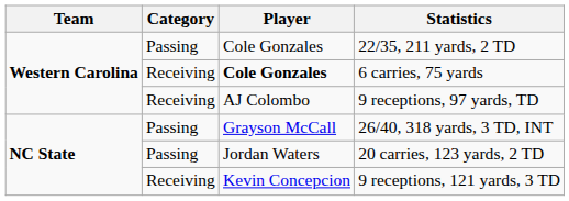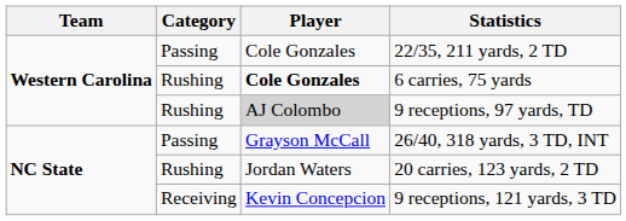 <table class="wikitable" style="float: right;">
 <tr>
 <th>Team</th>
 <th>Category</th>
 <th>Player</th>
 <th>Statistics</th>
 </tr>
 <tr>
 <td rowspan=3><strong>Western Carolina</strong></td>
 <td>Passing</td>
 <td>Cole Gonzales</td>
 <td>22/35, 211 yards, 2 TD</td>
 </tr>
 <tr>
-<td>Receiving</td>
+<td>Rushing</td>
 <td><strong>Cole Gonzales</strong></td>
 <td>6 carries, 75 yards</td>
 </tr>
 <tr>
-<td>Receiving</td>
-<td>AJ Colombo</td>
+<td>Rushing</td>
+<td style="background: lightgrey;">AJ Colombo</td>
 <td>9 receptions, 97 yards, TD</td>
 </tr>
 <tr>
 <td rowspan=3><strong>NC State</strong></td>
 <td>Passing</td>
 <td><a href='#'>Grayson McCall</a></td>
 <td>26/40, 318 yards, 3 TD, INT</td>
 </tr>
 <tr>
-<td>Passing</td>
+<td>Rushing</td>
 <td>Jordan Waters</td>
 <td>20 carries, 123 yards, 2 TD</td>
 </tr>
 <tr>
 <td>Receiving</td>
 <td><a href='#'>Kevin Concepcion</a></td>
 <td>9 receptions, 121 yards, 3 TD</td>
 </tr>
 </table>
